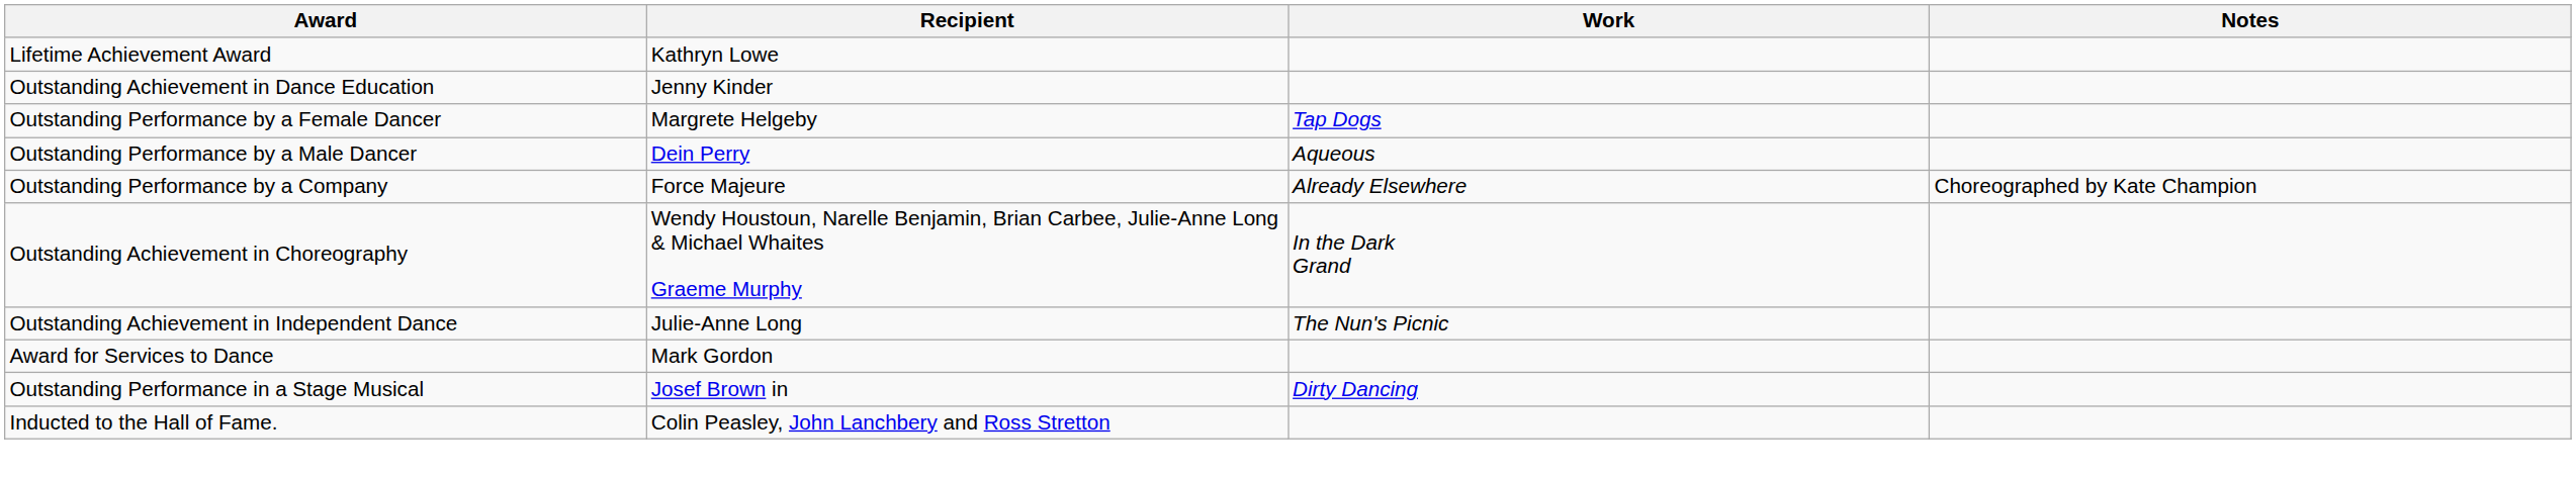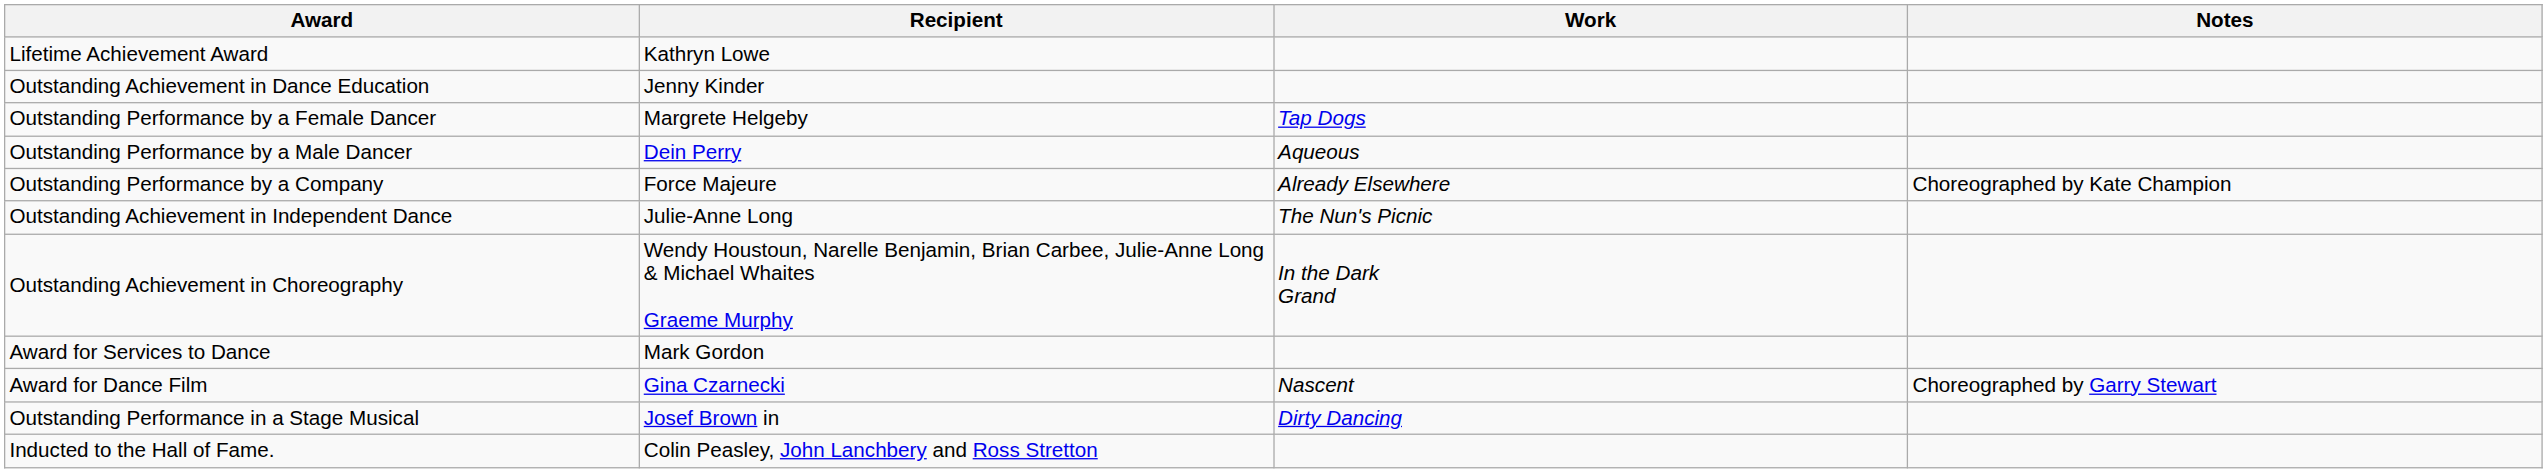 <table class="wikitable">
 <tr>
 <th width="25%">Award</th>
 <th width="25%">Recipient</th>
 <th width="25%">Work</th>
 <th width="25%">Notes</th>
 </tr>
 <tr>
 <td>Lifetime Achievement Award</td>
 <td>Kathryn Lowe</td>
 <td></td>
 <td></td>
 </tr>
 <tr>
 <td>Outstanding Achievement in Dance Education</td>
 <td>Jenny Kinder</td>
 <td></td>
 <td></td>
 </tr>
 <tr>
 <td>Outstanding Performance by a Female Dancer</td>
 <td>Margrete Helgeby</td>
 <td><em><a href='#'>Tap Dogs</a></em></td>
 <td></td>
 </tr>
 <tr>
 <td>Outstanding Performance by a Male Dancer</td>
 <td><a href='#'>Dein Perry</a></td>
 <td><em>Aqueous</em></td>
 <td></td>
 </tr>
 <tr>
 <td>Outstanding Performance by a Company</td>
 <td Kate Champion>Force Majeure</td>
 <td><em>Already Elsewhere</em></td>
 <td>Choreographed by Kate Champion</td>
 </tr>
 <tr>
+<td>Outstanding Achievement in Independent Dance</td>
+<td>Julie-Anne Long</td>
+<td><em>The Nun's Picnic</em></td>
+<td></td>
+</tr>
+<tr>
 <td>Outstanding Achievement in Choreography</td>
 <td>Wendy Houstoun, Narelle Benjamin, Brian Carbee, Julie-Anne Long & Michael Whaites<br><br> <a href='#'>Graeme Murphy</a></td>
 <td><em>In the Dark</em><br><em>Grand</em></td>
-<td></td>
-</tr>
-<tr>
-<td>Outstanding Achievement in Independent Dance</td>
-<td>Julie-Anne Long</td>
-<td><em>The Nun's Picnic</em></td>
 <td></td>
 </tr>
 <tr>
 <td>Award for Services to Dance</td>
 <td>Mark Gordon</td>
 <td></td>
 <td></td>
+</tr>
+<tr>
+<td>Award for Dance Film</td>
+<td><a href='#'>Gina Czarnecki</a></td>
+<td><em>Nascent</em></td>
+<td>Choreographed by <a href='#'>Garry Stewart</a></td>
 </tr>
 <tr>
 <td>Outstanding Performance in a Stage Musical</td>
 <td><a href='#'>Josef Brown</a> in</td>
 <td><a href='#'><em>Dirty Dancing</em></a></td>
 <td></td>
 </tr>
 <tr>
 <td>Inducted to the Hall of Fame.</td>
 <td>Colin Peasley, <a href='#'>John Lanchbery</a> and <a href='#'>Ross Stretton</a></td>
 <td></td>
 <td></td>
 </tr>
 </table>
